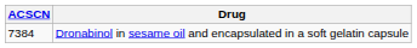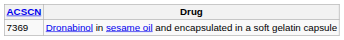 <table class="wikitable sortable">
 <tr>
 <th><a href='#'>ACSCN</a></th>
 <th>Drug</th>
 </tr>
 <tr>
-<td>7384</td>
+<td>7369</td>
 <td><a href='#'>Dronabinol</a> in <a href='#'>sesame oil</a> and encapsulated in a soft gelatin capsule</td>
 </tr>
 </table>
